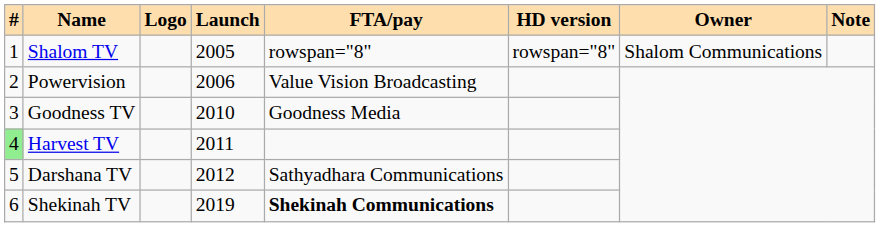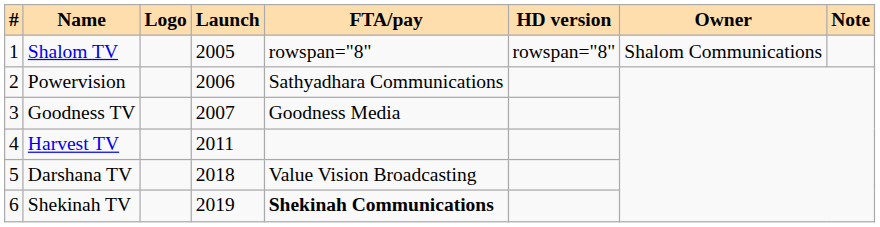 <table class="wikitable sortable">
 <tr>
 <th style="background-color:navajowhite">#</th>
 <th style="background-color:navajowhite">Name</th>
 <th style="background-color:navajowhite">Logo</th>
 <th style="background-color:navajowhite">Launch</th>
 <th style="background-color:navajowhite">FTA/pay</th>
 <th style="background-color:navajowhite">HD version</th>
 <th style="background-color:navajowhite">Owner</th>
 <th style="background-color:navajowhite">Note</th>
 </tr>
 <tr>
 <td>1</td>
 <td><a href='#'>Shalom TV</a></td>
 <td></td>
 <td>2005</td>
 <td>rowspan="8" </td>
 <td>rowspan="8" </td>
 <td>Shalom Communications</td>
 <td></td>
 </tr>
 <tr>
 <td>2</td>
 <td>Powervision</td>
 <td></td>
 <td>2006</td>
-<td>Value Vision Broadcasting</td>
+<td>Sathyadhara Communications</td>
 <td></td>
 </tr>
 <tr>
 <td>3</td>
 <td>Goodness TV</td>
 <td></td>
-<td>2010</td>
+<td>2007</td>
 <td>Goodness Media</td>
 <td></td>
 </tr>
 <tr>
-<td style="background: lightgreen;">4</td>
+<td>4</td>
 <td><a href='#'>Harvest TV</a></td>
 <td></td>
 <td>2011</td>
 <td></td>
 <td></td>
 </tr>
 <tr>
 <td>5</td>
 <td>Darshana TV</td>
 <td></td>
-<td>2012</td>
-<td>Sathyadhara Communications</td>
+<td>2018</td>
+<td>Value Vision Broadcasting</td>
 <td></td>
 </tr>
 <tr>
 <td>6</td>
 <td>Shekinah TV</td>
 <td></td>
 <td>2019</td>
 <td><strong>Shekinah Communications</strong></td>
 <td></td>
 </tr>
 </table>
